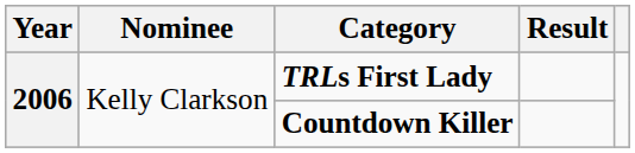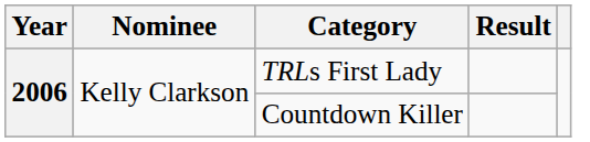 <table class="wikitable plainrowheaders">
 <tr>
 <th>Year</th>
 <th>Nominee</th>
 <th>Category</th>
 <th>Result</th>
 <th></th>
 </tr>
 <tr>
 <th scope="row" rowspan="2">2006</th>
 <td rowspan="2">Kelly Clarkson</td>
-<td><strong><em>TRL</em>s First Lady</strong></td>
+<td><em>TRL</em>s First Lady</td>
 <td></td>
 <td align="center" rowspan="2"></td>
 </tr>
 <tr>
-<td><strong>Countdown Killer</strong></td>
+<td>Countdown Killer</td>
 <td></td>
 </tr>
 </table>
